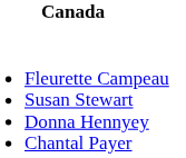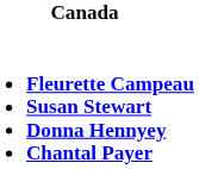 <table>
 <tr>
 <th>Canada</th>
 </tr>
 <tr>
-<td><br><ul><li><a href='#'>Fleurette Campeau</a></li><li><a href='#'>Susan Stewart</a></li><li><a href='#'>Donna Hennyey</a></li><li><a href='#'>Chantal Payer</a></li></ul></td>
+<td><strong><br><ul><li><a href='#'>Fleurette Campeau</a></li><li><a href='#'>Susan Stewart</a></li><li><a href='#'>Donna Hennyey</a></li><li><a href='#'>Chantal Payer</a></li></ul></strong></td>
 </tr>
 </table>
